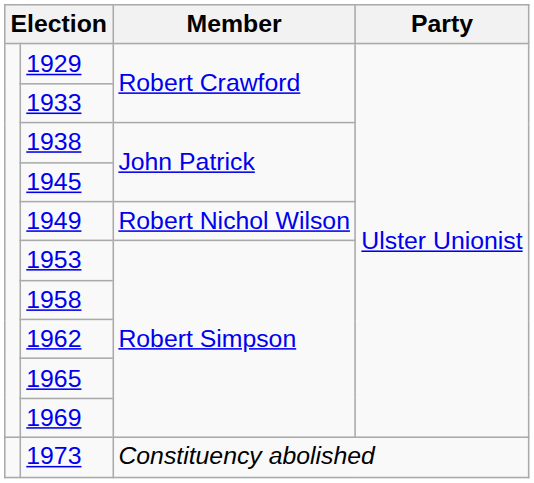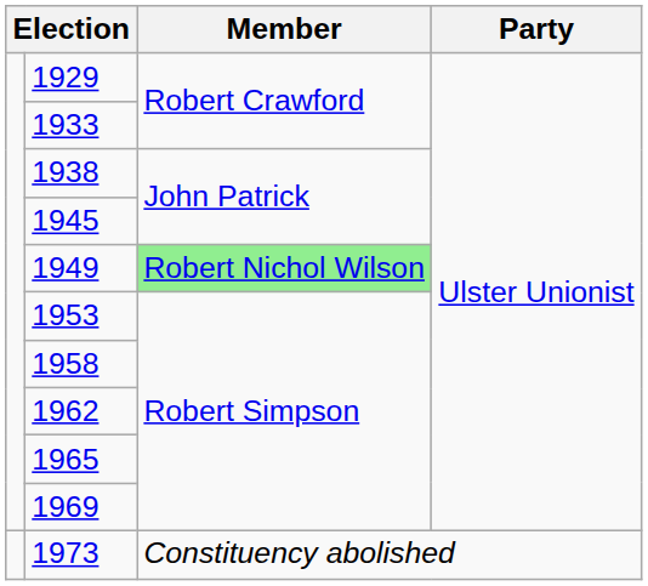 <table class="wikitable">
 <tr>
 <th colspan="2">Election</th>
 <th>Member</th>
 <th>Party</th>
 </tr>
 <tr>
 <td rowspan="10" style="background-color: "></td>
 <td><a href='#'>1929</a></td>
 <td rowspan="2"><a href='#'>Robert Crawford</a></td>
 <td rowspan="10"><a href='#'>Ulster Unionist</a></td>
 </tr>
 <tr>
 <td><a href='#'>1933</a></td>
 </tr>
 <tr>
 <td><a href='#'>1938</a></td>
 <td rowspan="2"><a href='#'>John Patrick</a></td>
 </tr>
 <tr>
 <td><a href='#'>1945</a></td>
 </tr>
 <tr>
 <td><a href='#'>1949</a></td>
-<td rowspan="1"><a href='#'>Robert Nichol Wilson</a></td>
+<td rowspan="1" style="background: lightgreen;"><a href='#'>Robert Nichol Wilson</a></td>
 </tr>
 <tr>
 <td><a href='#'>1953</a></td>
 <td rowspan="5"><a href='#'>Robert Simpson</a></td>
 </tr>
 <tr>
 <td><a href='#'>1958</a></td>
 </tr>
 <tr>
 <td><a href='#'>1962</a></td>
 </tr>
 <tr>
 <td><a href='#'>1965</a></td>
 </tr>
 <tr>
 <td><a href='#'>1969</a></td>
 </tr>
 <tr>
 <td></td>
 <td><a href='#'>1973</a></td>
 <td colspan="3"><em>Constituency abolished</em></td>
 </tr>
 </table>
